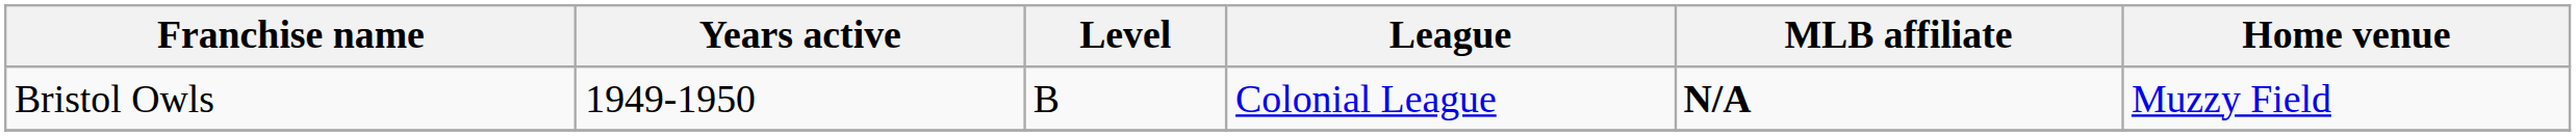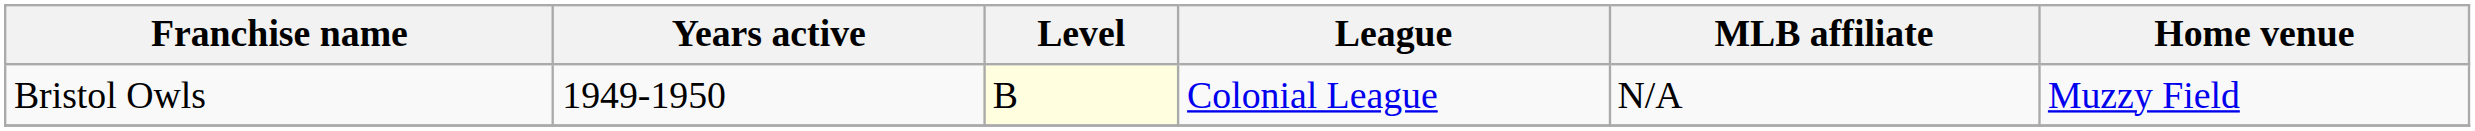 <table class="wikitable">
 <tr>
 <th style="width:225px;"><strong>Franchise name</strong></th>
 <th style="width:175px;"><strong>Years active</strong></th>
 <th style="width:75px;"><strong>Level</strong></th>
 <th style="width:175px;"><strong>League</strong></th>
 <th style="width:175px;"><strong>MLB affiliate</strong></th>
 <th style="width:175px;"><strong>Home venue</strong></th>
 </tr>
 <tr>
 <td>Bristol Owls</td>
 <td>1949-1950</td>
-<td>B</td>
+<td style="background: lightyellow;">B</td>
 <td><a href='#'>Colonial League</a></td>
-<td><strong>N/A</strong></td>
+<td>N/A</td>
 <td><a href='#'>Muzzy Field</a></td>
 </tr>
 <tr>
 </tr>
 </table>
